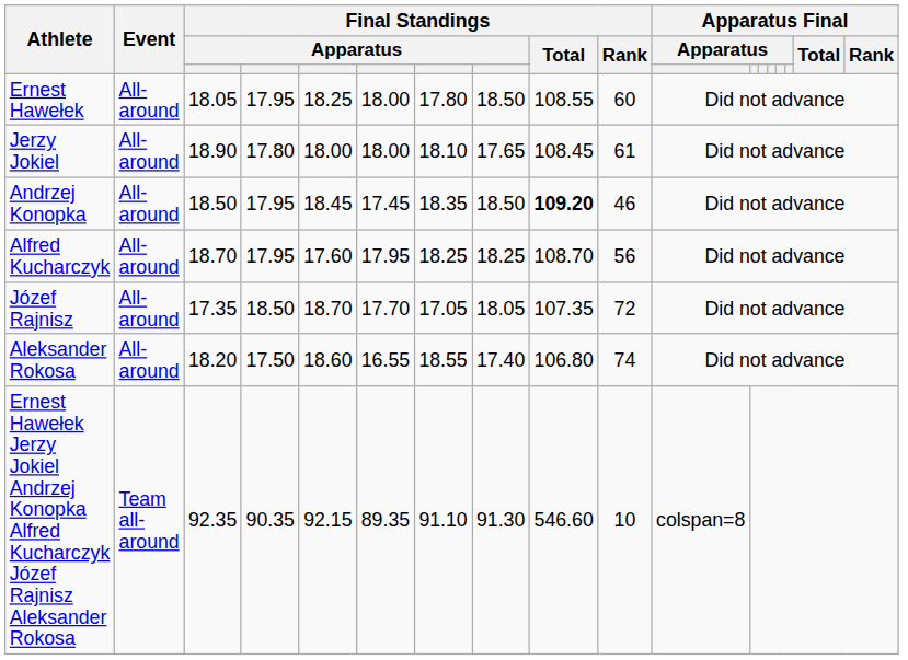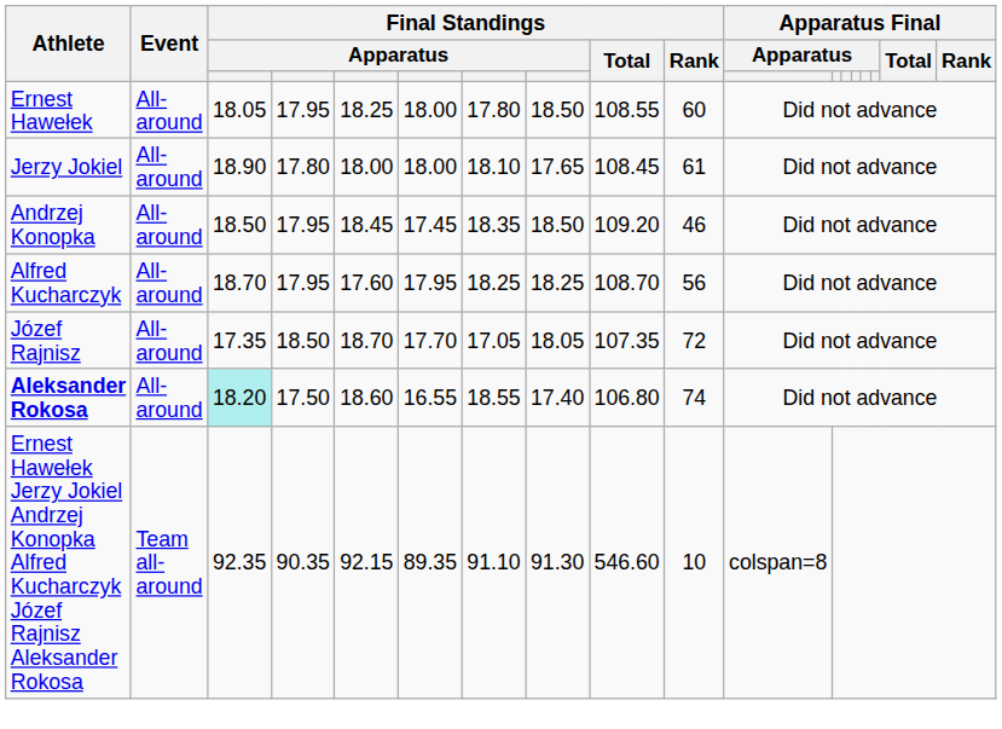 <table class="wikitable" style="font-size:90%">
 <tr>
 <th rowspan=3>Athlete</th>
 <th rowspan=3>Event</th>
 <th colspan =8>Final Standings</th>
 <th colspan =8>Apparatus Final</th>
 </tr>
 <tr style="font-size:95%">
 <th colspan=6>Apparatus</th>
 <th rowspan=2>Total</th>
 <th rowspan=2>Rank</th>
 <th colspan=6>Apparatus</th>
 <th rowspan=2>Total</th>
 <th rowspan=2>Rank</th>
 </tr>
 <tr style="font-size:95%">
 <th></th>
 <th></th>
 <th></th>
 <th></th>
 <th></th>
 <th></th>
 <th></th>
 <th></th>
 <th></th>
 <th></th>
 <th></th>
 <th></th>
 </tr>
 <tr align=center>
 <td align=left><a href='#'>Ernest Hawełek</a></td>
 <td align=left><a href='#'>All-around</a></td>
 <td>18.05</td>
 <td>17.95</td>
 <td>18.25</td>
 <td>18.00</td>
 <td>17.80</td>
 <td>18.50</td>
 <td>108.55</td>
 <td>60</td>
 <td colspan=8>Did not advance</td>
 </tr>
 <tr align=center>
 <td align=left><a href='#'>Jerzy Jokiel</a></td>
 <td align=left><a href='#'>All-around</a></td>
 <td>18.90</td>
 <td>17.80</td>
 <td>18.00</td>
 <td>18.00</td>
 <td>18.10</td>
 <td>17.65</td>
 <td>108.45</td>
 <td>61</td>
 <td colspan=8>Did not advance</td>
 </tr>
 <tr align=center>
 <td align=left><a href='#'>Andrzej Konopka</a></td>
 <td align=left><a href='#'>All-around</a></td>
 <td>18.50</td>
 <td>17.95</td>
 <td>18.45</td>
 <td>17.45</td>
 <td>18.35</td>
 <td>18.50</td>
-<td><strong>109.20</strong></td>
+<td>109.20</td>
 <td>46</td>
 <td colspan=8>Did not advance</td>
 </tr>
 <tr align=center>
 <td align=left><a href='#'>Alfred Kucharczyk</a></td>
 <td align=left><a href='#'>All-around</a></td>
 <td>18.70</td>
 <td>17.95</td>
 <td>17.60</td>
 <td>17.95</td>
 <td>18.25</td>
 <td>18.25</td>
 <td>108.70</td>
 <td>56</td>
 <td colspan=8>Did not advance</td>
 </tr>
 <tr align=center>
 <td align=left><a href='#'>Józef Rajnisz</a></td>
 <td align=left><a href='#'>All-around</a></td>
 <td>17.35</td>
 <td>18.50</td>
 <td>18.70</td>
 <td>17.70</td>
 <td>17.05</td>
 <td>18.05</td>
 <td>107.35</td>
 <td>72</td>
 <td colspan=8>Did not advance</td>
 </tr>
 <tr align=center>
-<td align=left><a href='#'>Aleksander Rokosa</a></td>
+<td align=left><strong><a href='#'>Aleksander Rokosa</a></strong></td>
 <td align=left><a href='#'>All-around</a></td>
-<td>18.20</td>
+<td style="background: paleturquoise;">18.20</td>
 <td>17.50</td>
 <td>18.60</td>
 <td>16.55</td>
 <td>18.55</td>
 <td>17.40</td>
 <td>106.80</td>
 <td>74</td>
 <td colspan=8>Did not advance</td>
 </tr>
 <tr align=center>
 <td align=left><a href='#'>Ernest Hawełek</a><br><a href='#'>Jerzy Jokiel</a><br><a href='#'>Andrzej Konopka</a><br><a href='#'>Alfred Kucharczyk</a><br><a href='#'>Józef Rajnisz</a><br><a href='#'>Aleksander Rokosa</a></td>
 <td align=left><a href='#'>Team all-around</a></td>
 <td>92.35</td>
 <td>90.35</td>
 <td>92.15</td>
 <td>89.35</td>
 <td>91.10</td>
 <td>91.30</td>
 <td>546.60</td>
 <td>10</td>
 <td>colspan=8 </td>
 </tr>
 </table>
